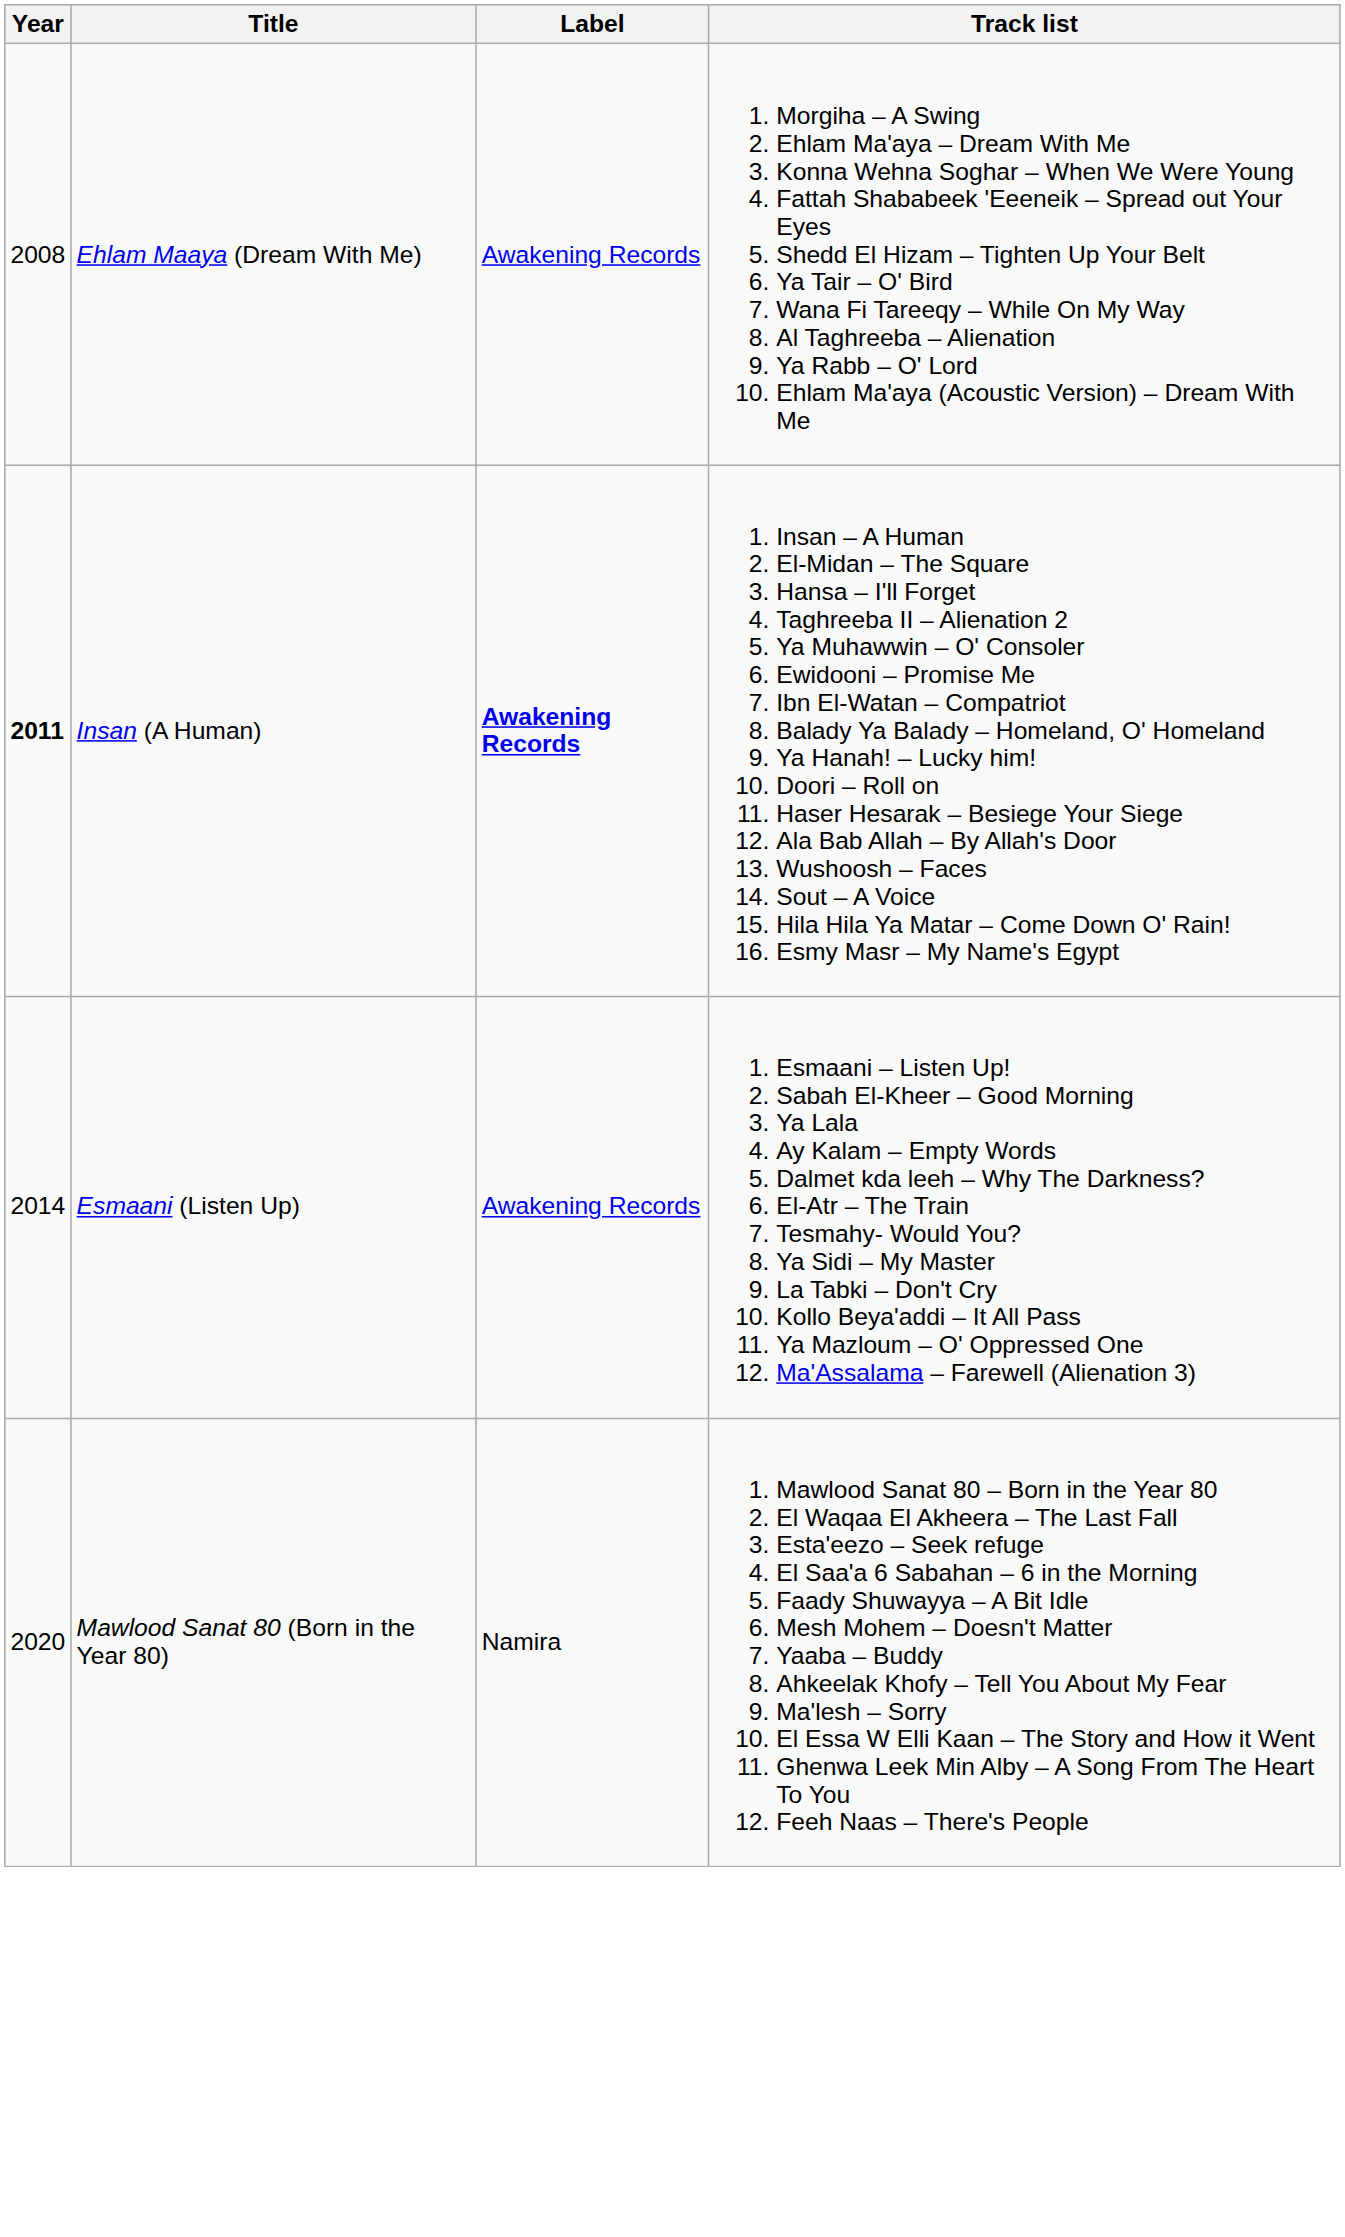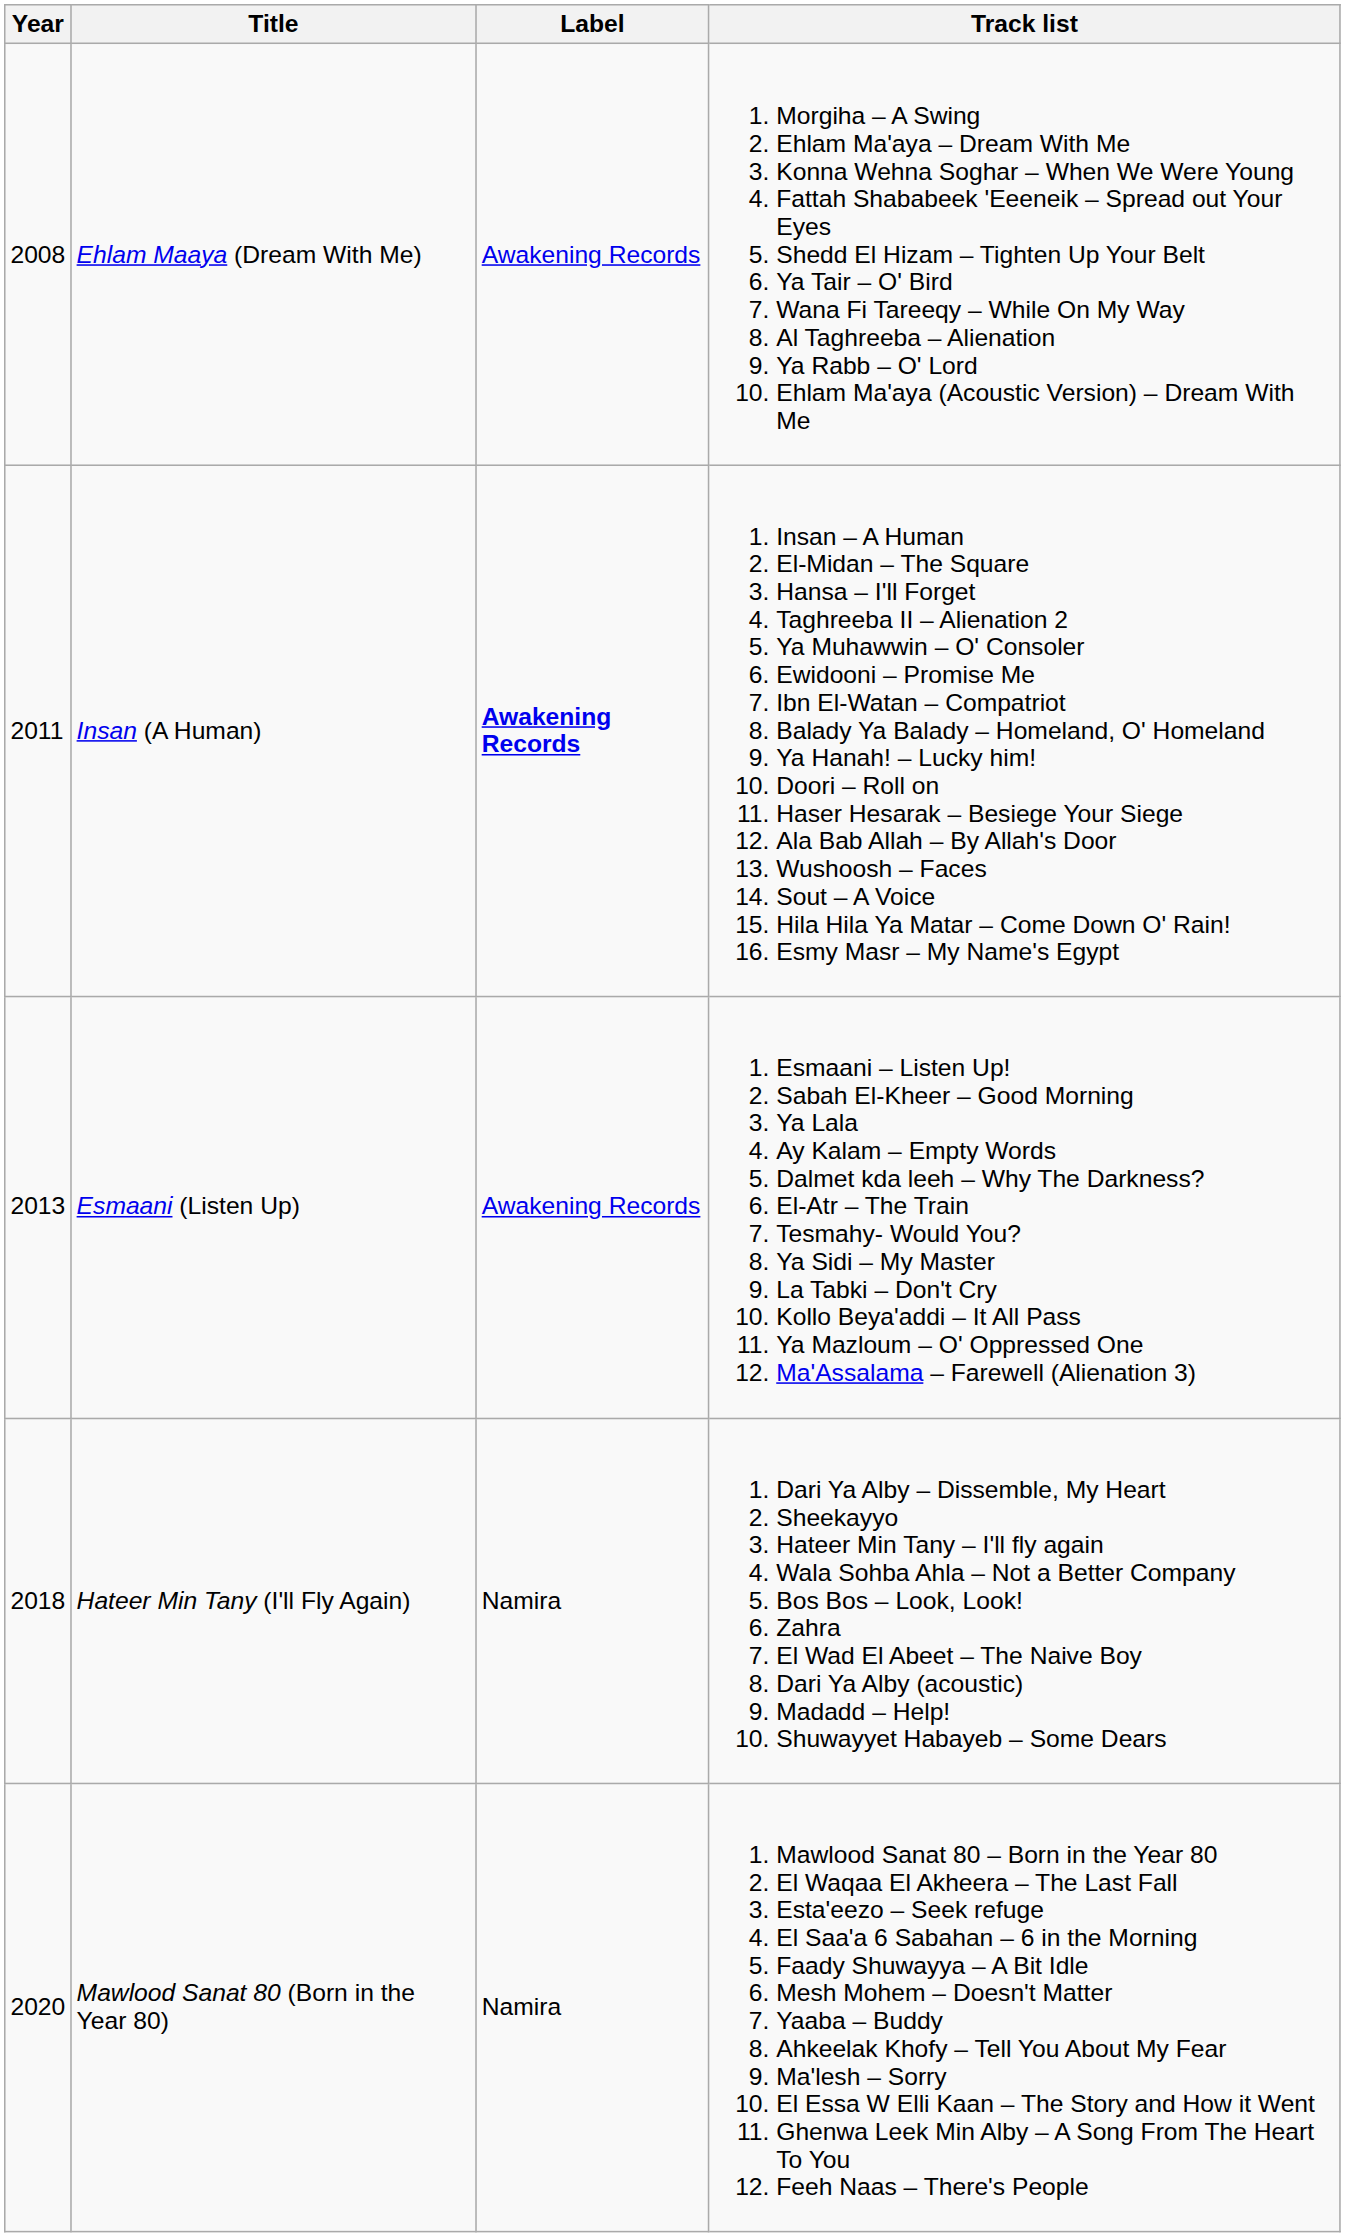 <table class="wikitable">
 <tr>
 <th>Year</th>
 <th>Title</th>
 <th>Label</th>
 <th>Track list</th>
 </tr>
 <tr>
 <td>2008</td>
 <td><em><a href='#'>Ehlam Maaya</a></em> (Dream With Me)</td>
 <td><a href='#'>Awakening Records</a></td>
 <td><br><ol><li>Morgiha – A Swing</li><li>Ehlam Ma'aya – Dream With Me</li><li>Konna Wehna Soghar – When We Were Young</li><li>Fattah Shababeek 'Eeeneik – Spread out Your Eyes</li><li>Shedd El Hizam – Tighten Up Your Belt</li><li>Ya Tair – O' Bird</li><li>Wana Fi Tareeqy – While On My Way</li><li>Al Taghreeba – Alienation</li><li>Ya Rabb – O' Lord</li><li>Ehlam Ma'aya (Acoustic Version) – Dream With Me</li></ol></td>
 </tr>
 <tr>
-<td><strong>2011</strong></td>
+<td>2011</td>
 <td><em><a href='#'>Insan</a></em> (A Human)</td>
 <td><strong><a href='#'>Awakening Records</a></strong></td>
 <td><br><ol><li>Insan – A Human</li><li>El-Midan – The Square</li><li>Hansa – I'll Forget</li><li>Taghreeba II – Alienation 2</li><li>Ya Muhawwin – O' Consoler</li><li>Ewidooni – Promise Me</li><li>Ibn El-Watan – Compatriot</li><li>Balady Ya Balady – Homeland, O' Homeland</li><li>Ya Hanah! – Lucky him!</li><li>Doori – Roll on</li><li>Haser Hesarak – Besiege Your Siege</li><li>Ala Bab Allah –  By Allah's Door</li><li>Wushoosh – Faces</li><li>Sout – A Voice</li><li>Hila Hila Ya Matar – Come Down O' Rain!</li><li>Esmy Masr – My Name's Egypt</li></ol></td>
 </tr>
 <tr>
-<td>2014</td>
+<td>2013</td>
 <td><em><a href='#'>Esmaani</a></em> (Listen Up)</td>
 <td><a href='#'>Awakening Records</a></td>
 <td><br><ol><li>Esmaani – Listen Up!</li><li>Sabah El-Kheer – Good Morning</li><li>Ya Lala</li><li>Ay Kalam – Empty Words</li><li>Dalmet kda leeh – Why The Darkness?</li><li>El-Atr – The Train</li><li>Tesmahy- Would You?</li><li>Ya Sidi – My Master</li><li>La Tabki – Don't Cry</li><li>Kollo Beya'addi – It All Pass</li><li>Ya Mazloum – O' Oppressed One</li><li><a href='#'>Ma'Assalama</a> – Farewell (Alienation 3)</li></ol></td>
+</tr>
+<tr>
+<td>2018</td>
+<td><em>Hateer Min Tany</em> (I'll Fly Again)</td>
+<td>Namira</td>
+<td><br><ol><li>Dari Ya Alby – Dissemble, My Heart</li><li>Sheekayyo</li><li>Hateer Min Tany – I'll fly again</li><li>Wala Sohba Ahla – Not a Better Company</li><li>Bos Bos – Look, Look!</li><li>Zahra</li><li>El Wad El Abeet – The Naive Boy</li><li>Dari Ya Alby (acoustic)</li><li>Madadd – Help!</li><li>Shuwayyet Habayeb – Some Dears</li></ol></td>
 </tr>
 <tr>
 <td>2020</td>
 <td><em>Mawlood Sanat 80</em> (Born in the Year 80)</td>
 <td>Namira</td>
 <td><br><ol><li>Mawlood Sanat 80 – Born in the Year 80</li><li>El Waqaa El Akheera – The Last Fall</li><li>Esta'eezo – Seek refuge</li><li>El Saa'a 6 Sabahan  – 6 in the Morning</li><li>Faady Shuwayya – A Bit Idle</li><li>Mesh Mohem – Doesn't Matter</li><li>Yaaba – Buddy</li><li>Ahkeelak Khofy – Tell You About My Fear</li><li>Ma'lesh – Sorry</li><li>El Essa W Elli Kaan – The Story and How it Went</li><li>Ghenwa Leek Min Alby – A Song From The Heart To You</li><li>Feeh Naas – There's People</li></ol></td>
 </tr>
 </table>
